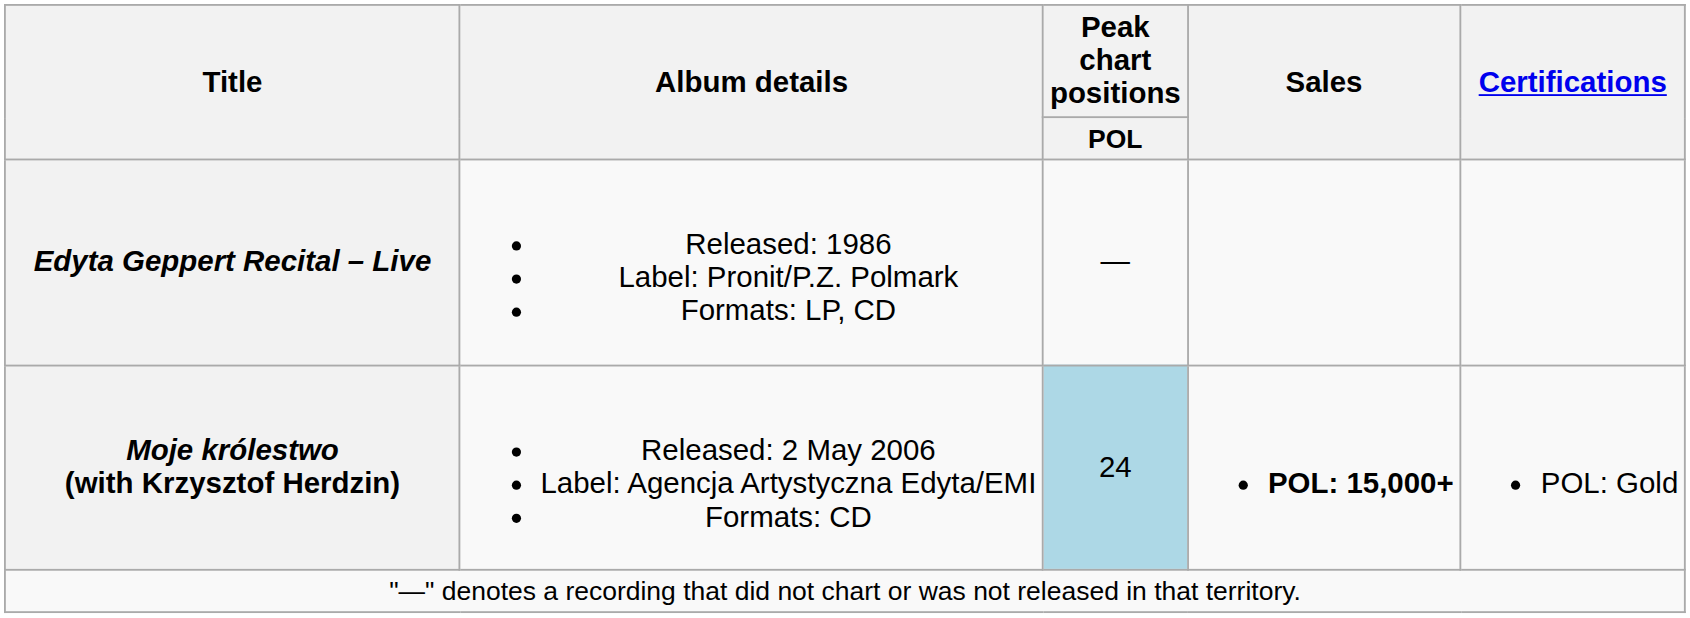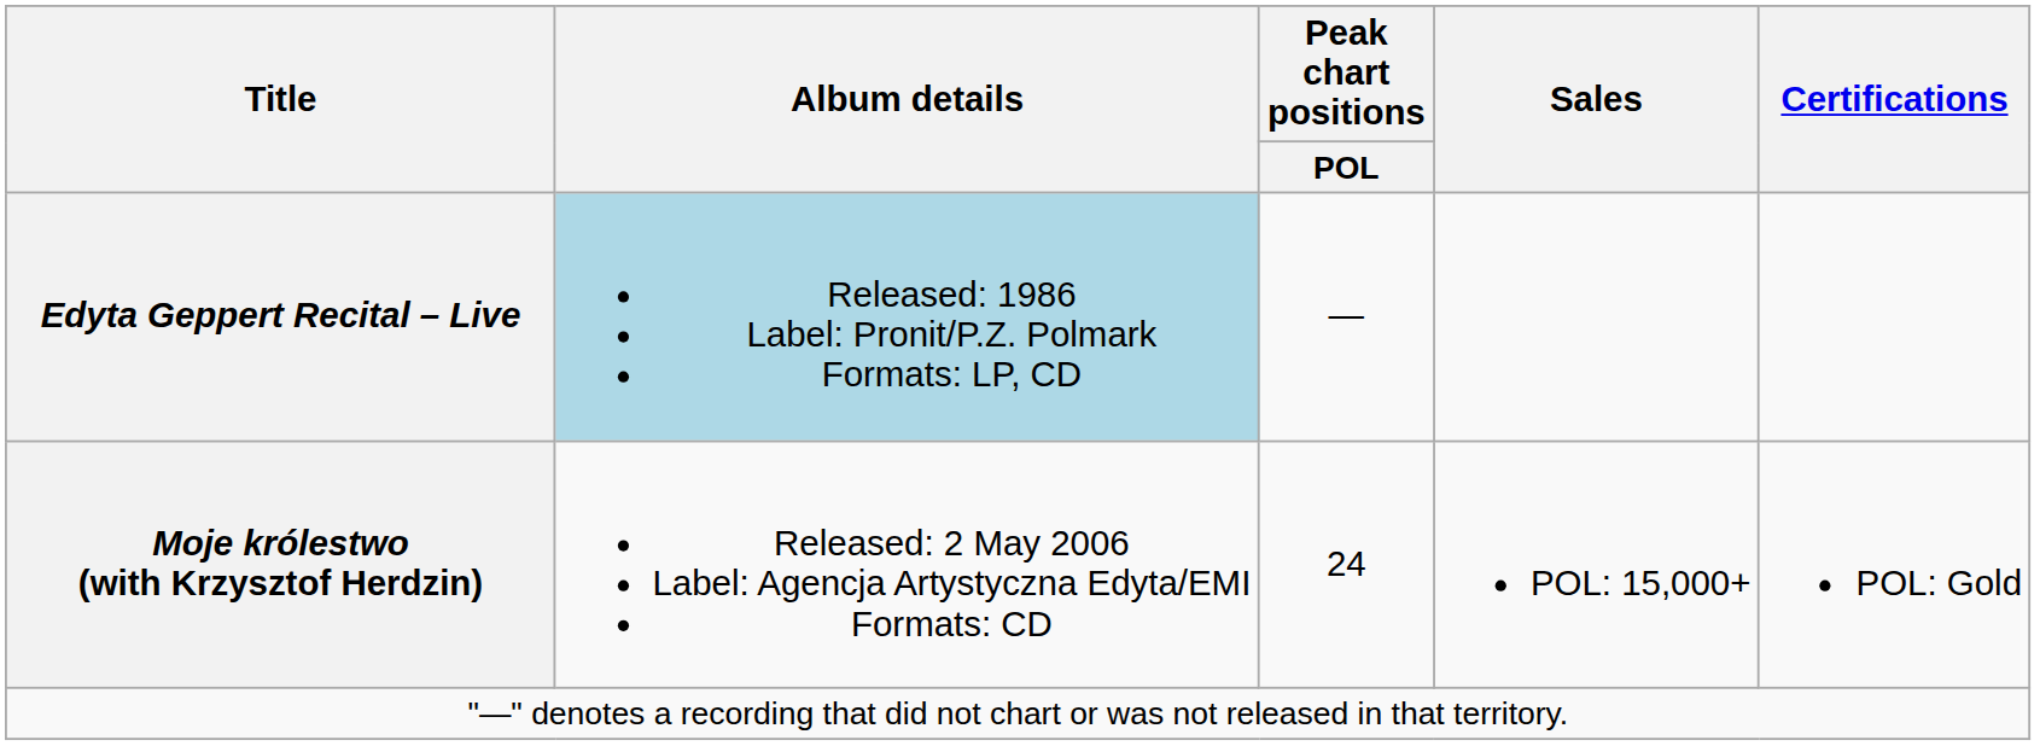 <table class="wikitable plainrowheaders" style="text-align:center;">
 <tr>
 <th scope="col" rowspan="2" style="width:15em;">Title</th>
 <th scope="col" rowspan="2">Album details</th>
 <th scope="col" colspan="1">Peak chart positions</th>
 <th scope="col" rowspan="2">Sales</th>
 <th scope="col" rowspan="2"><a href='#'>Certifications</a></th>
 </tr>
 <tr>
 <th scope="col" style="width:3em;font-size:90%;">POL<br></th>
 </tr>
 <tr>
 <th scope="row"><em>Edyta Geppert Recital – Live</em></th>
-<td><br><ul><li>Released: 1986</li><li>Label: Pronit/P.Z. Polmark</li><li>Formats: LP, CD</li></ul></td>
+<td style="background: lightblue;"><br><ul><li>Released: 1986</li><li>Label: Pronit/P.Z. Polmark</li><li>Formats: LP, CD</li></ul></td>
 <td>—</td>
 <td></td>
 <td></td>
 </tr>
 <tr>
 <th scope="row"><em>Moje królestwo</em><br>(with Krzysztof Herdzin)</th>
 <td><br><ul><li>Released: 2 May 2006</li><li>Label: Agencja Artystyczna Edyta/EMI</li><li>Formats: CD</li></ul></td>
-<td style="background: lightblue;">24</td>
-<td><strong><br><ul><li>POL: 15,000+</li></ul></strong></td>
+<td>24</td>
+<td><br><ul><li>POL: 15,000+</li></ul></td>
 <td><br><ul><li>POL: Gold</li></ul></td>
 </tr>
 <tr>
 <td colspan="20" style="font-size:90%">"—" denotes a recording that did not chart or was not released in that territory.</td>
 </tr>
 </table>
